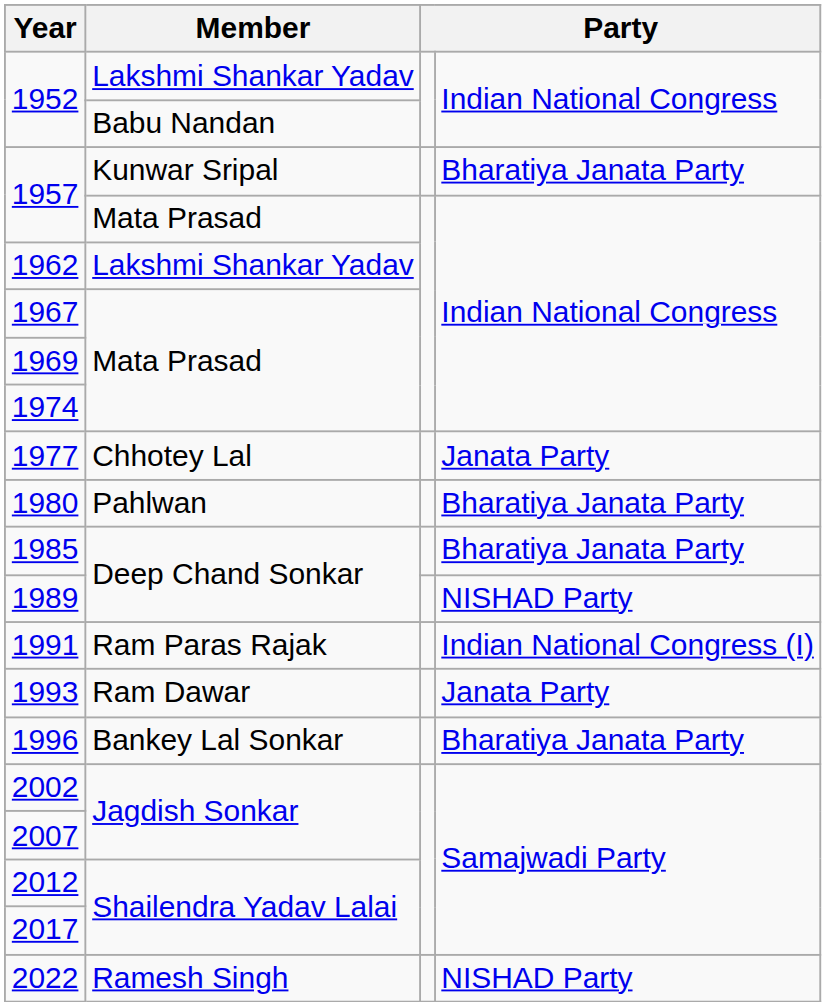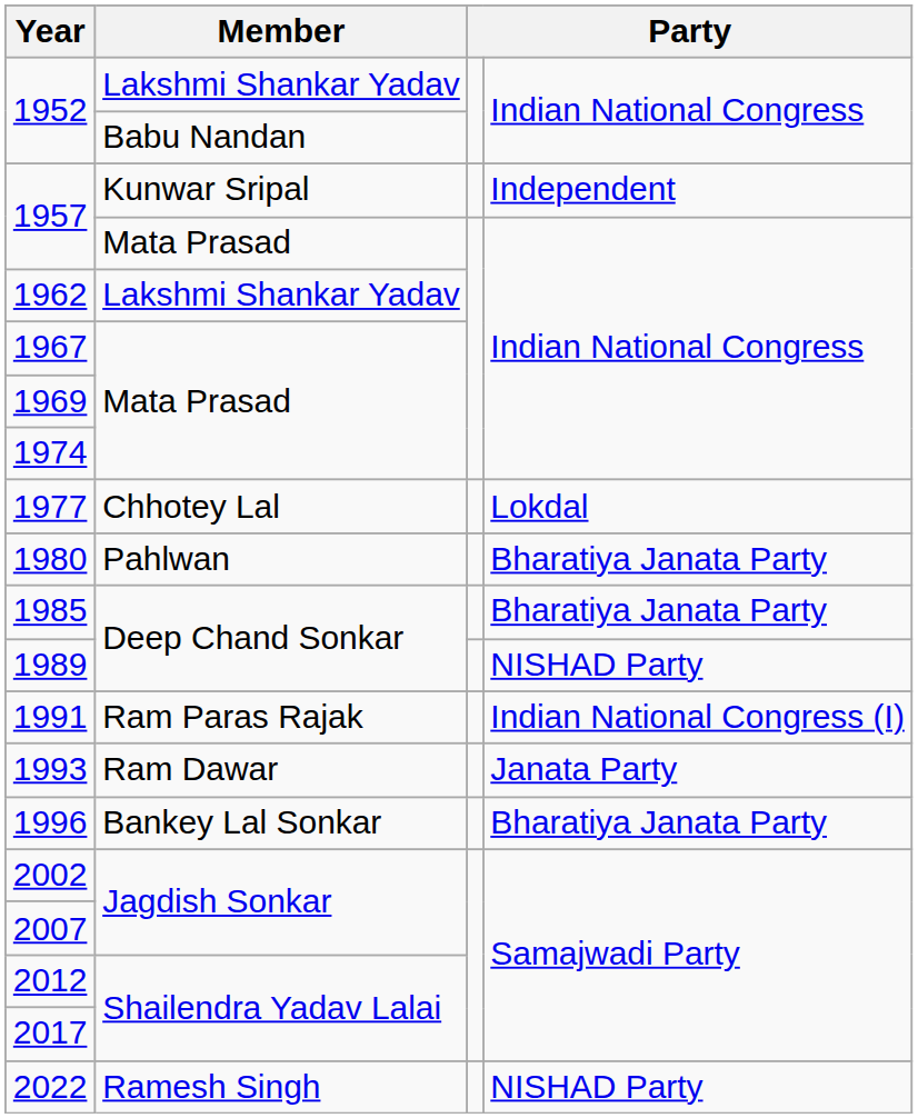 <table class="wikitable">
 <tr>
 <th>Year</th>
 <th>Member</th>
 <th colspan=2>Party</th>
 </tr>
 <tr>
 <td rowspan="2"><a href='#'>1952</a></td>
 <td><a href='#'>Lakshmi Shankar Yadav</a></td>
 <td rowspan="2" style="background-color :"></td>
 <td rowspan="2"><a href='#'>Indian National Congress</a></td>
 </tr>
 <tr>
 <td>Babu Nandan</td>
 </tr>
 <tr>
 <td rowspan="2"><a href='#'>1957</a></td>
 <td>Kunwar Sripal</td>
 <td style="background-color :"></td>
-<td><a href='#'>Bharatiya Janata Party</a></td>
+<td><a href='#'>Independent</a></td>
 </tr>
 <tr>
 <td>Mata Prasad</td>
 <td rowspan="5" style="background-color :"></td>
 <td rowspan="5"><a href='#'>Indian National Congress</a></td>
 </tr>
 <tr>
 <td><a href='#'>1962</a></td>
 <td><a href='#'>Lakshmi Shankar Yadav</a></td>
 </tr>
 <tr>
 <td><a href='#'>1967</a></td>
 <td rowspan="3">Mata Prasad</td>
 </tr>
 <tr>
 <td><a href='#'>1969</a></td>
 </tr>
 <tr>
 <td><a href='#'>1974</a></td>
 </tr>
 <tr>
 <td><a href='#'>1977</a></td>
 <td>Chhotey Lal</td>
 <td style="background-color :"></td>
-<td><a href='#'>Janata Party</a></td>
+<td><a href='#'>Lokdal</a></td>
 </tr>
 <tr>
 <td><a href='#'>1980</a></td>
 <td>Pahlwan</td>
 <td style="background-color :"></td>
 <td><a href='#'>Bharatiya Janata Party</a></td>
 </tr>
 <tr>
 <td><a href='#'>1985</a></td>
 <td rowspan="2">Deep Chand Sonkar</td>
 <td style="background-color :"></td>
 <td><a href='#'>Bharatiya Janata Party</a></td>
 </tr>
 <tr>
 <td><a href='#'>1989</a></td>
 <td style="background-color :"></td>
 <td><a href='#'>NISHAD Party</a></td>
 </tr>
 <tr>
 <td><a href='#'>1991</a></td>
 <td>Ram Paras Rajak</td>
 <td style="background-color :"></td>
 <td><a href='#'>Indian National Congress (I)</a></td>
 </tr>
 <tr>
 <td><a href='#'>1993</a></td>
 <td>Ram Dawar</td>
 <td style="background-color :"></td>
 <td><a href='#'>Janata Party</a></td>
 </tr>
 <tr>
 <td><a href='#'>1996</a></td>
 <td>Bankey Lal Sonkar</td>
 <td style="background-color :"></td>
 <td><a href='#'>Bharatiya Janata Party</a></td>
 </tr>
 <tr>
 <td><a href='#'>2002</a></td>
 <td rowspan="2"><a href='#'>Jagdish Sonkar</a></td>
 <td rowspan="4" style="background-color :"></td>
 <td rowspan="4"><a href='#'>Samajwadi Party</a></td>
 </tr>
 <tr>
 <td><a href='#'>2007</a></td>
 </tr>
 <tr>
 <td><a href='#'>2012</a></td>
 <td rowspan="2"><a href='#'>Shailendra Yadav Lalai</a></td>
 </tr>
 <tr>
 <td><a href='#'>2017</a></td>
 </tr>
 <tr>
 <td><a href='#'>2022</a></td>
 <td><a href='#'>Ramesh Singh</a></td>
 <td style="background-color :"></td>
 <td><a href='#'>NISHAD Party</a></td>
 </tr>
 </table>
